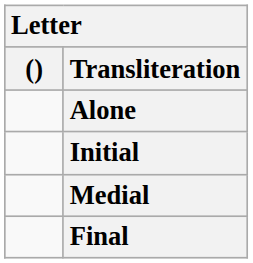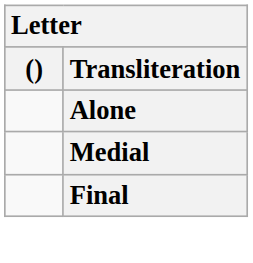 <table class="wikitable" style="text-align: center; display: inline-table;">
 <tr>
 <th colspan="2" style="text-align: left">Letter</th>
 </tr>
 <tr>
 <th style="min-width: 1.75em"> ()</th>
 <th style="text-align: left">Transliteration</th>
 </tr>
 <tr>
 <td></td>
 <th style="text-align: left">Alone</th>
 </tr>
 <tr>
 <td></td>
-<th style="text-align: left">Initial</th>
-</tr>
-<tr>
-<td></td>
 <th style="text-align: left">Medial</th>
 </tr>
 <tr>
 <td></td>
 <th style="text-align: left">Final</th>
 </tr>
 </table>
